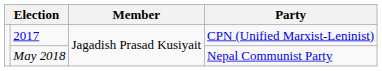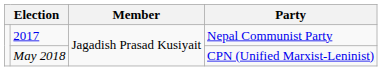 <table class="wikitable">
 <tr>
 <th colspan="2">Election</th>
 <th>Member</th>
 <th>Party</th>
 </tr>
 <tr>
 <td rowspan="2" style="background-color:"></td>
 <td><a href='#'>2017</a></td>
 <td rowspan="2">Jagadish Prasad Kusiyait</td>
-<td><a href='#'>CPN (Unified Marxist-Leninist)</a></td>
+<td><a href='#'>Nepal Communist Party</a></td>
 </tr>
 <tr>
 <td><em>May 2018</em></td>
-<td><a href='#'>Nepal Communist Party</a></td>
+<td><a href='#'>CPN (Unified Marxist-Leninist)</a></td>
 </tr>
 </table>
